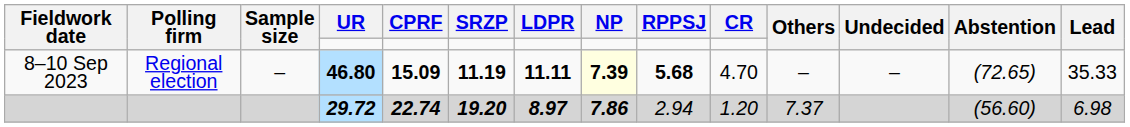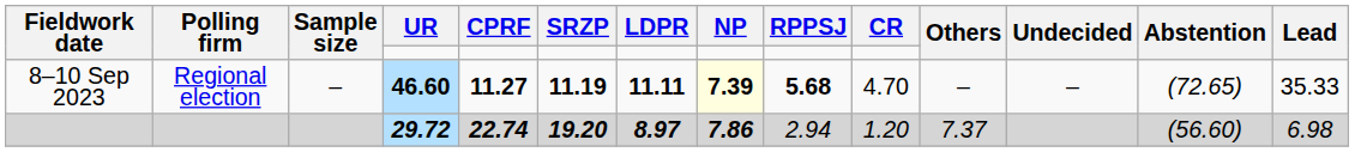 <table class=wikitable style="font-size:95%; line-height:14px; text-align:center">
 <tr>
 <th style=width:120px; rowspan=2>Fieldwork date</th>
 <th style=width:120px; rowspan=2>Polling firm</th>
 <th style=width:50px; rowspan=2>Sample<br>size</th>
 <th style="width:50px;"><a href='#'>UR</a></th>
 <th style="width:50px;"><a href='#'>CPRF</a></th>
 <th style="width:50px;"><a href='#'>SRZP</a></th>
 <th style="width:50px;"><a href='#'>LDPR</a></th>
 <th style="width:50px;"><a href='#'>NP</a></th>
 <th style="width:50px;"><a href='#'>RPPSJ</a></th>
 <th style="width:50px;"><a href='#'>CR</a></th>
 <th style="width:50px;" rowspan=2>Others</th>
 <th style="width:50px;" rowspan=2>Undecided</th>
 <th style="width:50px;" rowspan=2>Abstention</th>
 <th style="width:50px;" rowspan="2">Lead</th>
 </tr>
 <tr>
 <td bgcolor=></td>
 <td bgcolor=></td>
 <td bgcolor=></td>
 <td bgcolor=></td>
 <td bgcolor=></td>
 <td bgcolor=></td>
 <td bgcolor=></td>
 </tr>
 <tr>
 <td>8–10 Sep 2023</td>
 <td><a href='#'>Regional election</a></td>
 <td>–</td>
-<td style="background:#B3E0FF"><strong>46.80</strong></td>
-<td><strong>15.09</strong></td>
+<td style="background:#B3E0FF"><strong>46.60</strong></td>
+<td><strong>11.27</strong></td>
 <td><strong>11.19</strong></td>
 <td><strong>11.11</strong></td>
 <td style="background: lightyellow;"><strong>7.39</strong></td>
 <td><strong>5.68</strong></td>
 <td>4.70</td>
 <td>–</td>
 <td>–</td>
 <td><em>(72.65)</em></td>
 <td style="background:">35.33</td>
 </tr>
 <tr style="background:#D5D5D5">
 <td></td>
 <td></td>
 <td></td>
 <td style="background:#B3E0FF"><strong><em>29.72</em></strong></td>
 <td><strong><em>22.74</em></strong></td>
 <td><strong><em>19.20</em></strong></td>
 <td><strong><em>8.97</em></strong></td>
 <td><strong><em>7.86</em></strong></td>
 <td><em>2.94</em></td>
 <td><em>1.20</em></td>
 <td><em>7.37</em></td>
 <td></td>
 <td><em>(56.60)</em></td>
 <td style="background:"><em>6.98</em></td>
 </tr>
 </table>
